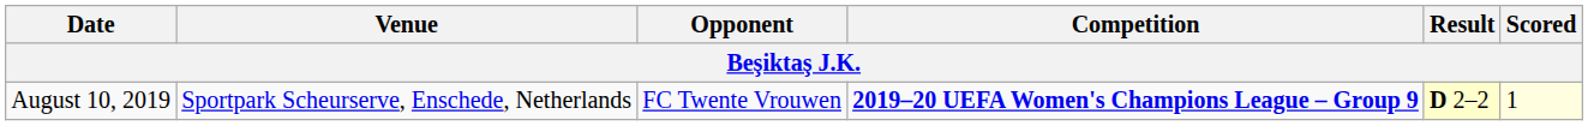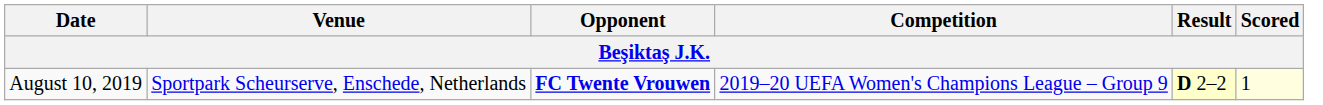 <table class=wikitable>
 <tr>
 <th>Date</th>
 <th>Venue</th>
 <th>Opponent</th>
 <th>Competition</th>
 <th>Result</th>
 <th>Scored</th>
 </tr>
 <tr>
 <th colspan=6><a href='#'>Beşiktaş J.K.</a></th>
 </tr>
 <tr>
 <td>August 10, 2019</td>
 <td><a href='#'>Sportpark Scheurserve</a>,  <a href='#'>Enschede</a>, Netherlands</td>
-<td> <a href='#'>FC Twente Vrouwen</a></td>
-<td><strong><a href='#'>2019–20 UEFA Women's Champions League – Group 9</a></strong></td>
+<td><strong> <a href='#'>FC Twente Vrouwen</a></strong></td>
+<td><a href='#'>2019–20 UEFA Women's Champions League – Group 9</a></td>
 <td bgcolor=ffffcc><strong>D</strong> 2–2</td>
 <td style="background: lightyellow;">1</td>
 </tr>
 </table>
